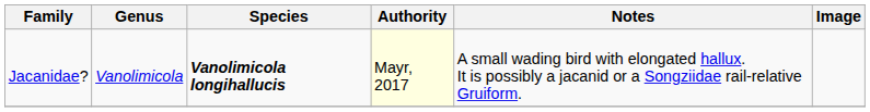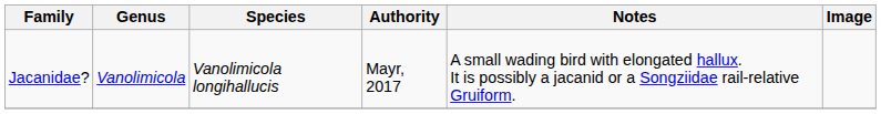 <table class="wikitable" align="center" width="100%">
 <tr>
 <th>Family</th>
 <th>Genus</th>
 <th>Species</th>
 <th>Authority</th>
 <th>Notes</th>
 <th>Image</th>
 </tr>
 <tr>
 <td><br><a href='#'>Jacanidae</a>?</td>
 <td><br><em><a href='#'>Vanolimicola</a></em></td>
-<td><strong><br><em>Vanolimicola longihallucis</em></strong></td>
-<td style="background: lightyellow;"><br>Mayr, 2017</td>
+<td><br><em>Vanolimicola longihallucis</em></td>
+<td><br>Mayr, 2017</td>
 <td><br>A small wading bird with elongated <a href='#'>hallux</a>.<br>It is possibly a jacanid or a <a href='#'>Songziidae</a> rail-relative <a href='#'>Gruiform</a>.</td>
 <td></td>
 </tr>
 <tr>
 </tr>
 </table>
